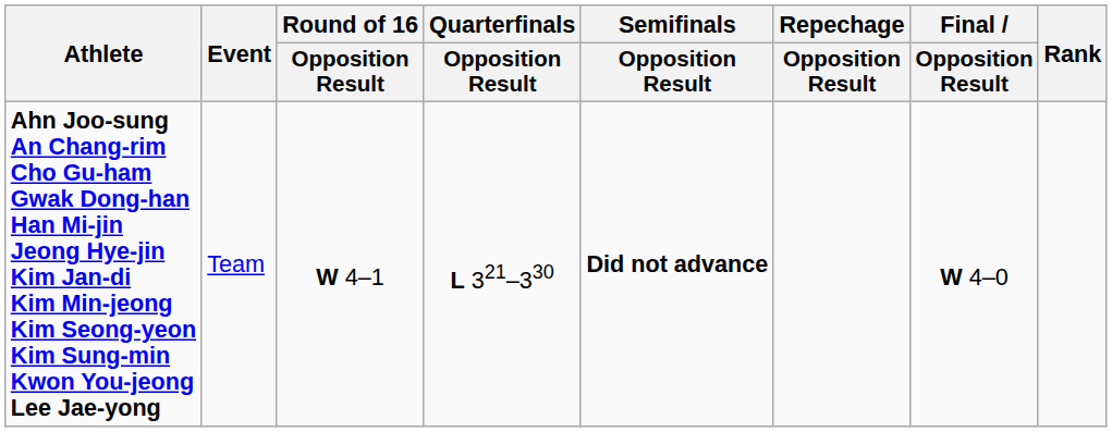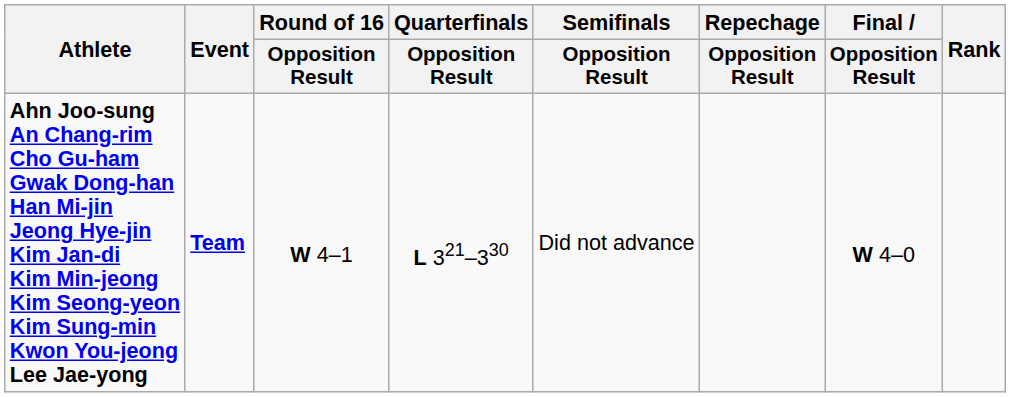 <table class=wikitable style=font-size:90%;text-align:center>
 <tr>
 <th rowspan="2">Athlete</th>
 <th rowspan="2">Event</th>
 <th>Round of 16</th>
 <th>Quarterfinals</th>
 <th>Semifinals</th>
 <th>Repechage</th>
 <th>Final / </th>
 <th rowspan=2>Rank</th>
 </tr>
 <tr style="font-size:95%">
 <th>Opposition<br>Result</th>
 <th>Opposition<br>Result</th>
 <th>Opposition<br>Result</th>
 <th>Opposition<br>Result</th>
 <th>Opposition<br>Result</th>
 </tr>
 <tr>
 <td align=left><strong>Ahn Joo-sung<br><a href='#'>An Chang-rim</a><br><a href='#'>Cho Gu-ham</a><br><a href='#'>Gwak Dong-han</a><br><a href='#'>Han Mi-jin</a><br><a href='#'>Jeong Hye-jin</a><br><a href='#'>Kim Jan-di</a><br><a href='#'>Kim Min-jeong</a><br><a href='#'>Kim Seong-yeon</a><br><a href='#'>Kim Sung-min</a><br><a href='#'>Kwon You-jeong</a><br>Lee Jae-yong</strong></td>
-<td align=left><a href='#'>Team</a></td>
+<td align=left><strong><a href='#'>Team</a></strong></td>
 <td><br><strong>W</strong> 4–1</td>
 <td><br><strong>L</strong> 3<sup>21</sup>–3<sup>30</sup></td>
-<td><strong>Did not advance</strong></td>
+<td>Did not advance</td>
 <td></td>
 <td><br><strong>W</strong> 4–0</td>
 <td></td>
 </tr>
 </table>
